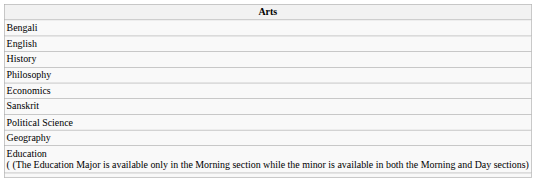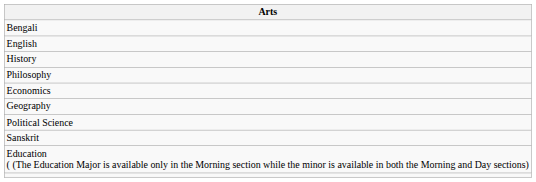 <table class="wikitable">
 <tr>
 <th>Arts</th>
 </tr>
 <tr>
 <td>Bengali</td>
 </tr>
 <tr>
 <td>English</td>
 </tr>
 <tr>
 <td>History</td>
 </tr>
 <tr>
 <td>Philosophy</td>
 </tr>
 <tr>
 <td>Economics</td>
 </tr>
 <tr>
-<td>Sanskrit</td>
+<td>Geography</td>
 </tr>
 <tr>
 <td>Political Science</td>
 </tr>
 <tr>
-<td>Geography</td>
+<td>Sanskrit</td>
 </tr>
 <tr>
 <td>Education<br>( (The Education Major is available only in the Morning section while the minor is available in both the Morning and Day sections)</td>
 </tr>
 <tr>
 <td></td>
 </tr>
 </table>
